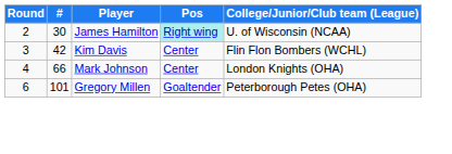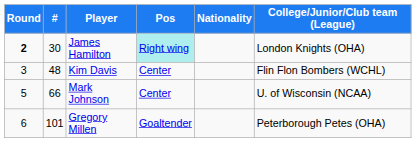 <table class="wikitable">
 <tr>
 <th style="color:white; background:#1D7CF2; ">Round</th>
 <th style="color:white; background:#1D7CF2; ">#</th>
 <th style="color:white; background:#1D7CF2; ">Player</th>
 <th style="color:white; background:#1D7CF2; ">Pos</th>
+<th style="color:white; background:#1D7CF2; ">Nationality</th>
 <th style="color:white; background:#1D7CF2; ">College/Junior/Club team (League)</th>
 </tr>
 <tr>
-<td align=center>2</td>
+<td align=center><strong>2</strong></td>
 <td align=center>30</td>
 <td><a href='#'>James Hamilton</a></td>
 <td style="background: paleturquoise;"><a href='#'>Right wing</a></td>
-<td>U. of Wisconsin (NCAA)</td>
+<td></td>
+<td>London Knights (OHA)</td>
 </tr>
 <tr>
 <td align=center>3</td>
-<td align=center>42</td>
+<td align=center>48</td>
 <td><a href='#'>Kim Davis</a></td>
 <td><a href='#'>Center</a></td>
+<td></td>
 <td>Flin Flon Bombers (WCHL)</td>
 </tr>
 <tr>
-<td align=center>4</td>
+<td align=center>5</td>
 <td align=center>66</td>
 <td><a href='#'>Mark Johnson</a></td>
 <td><a href='#'>Center</a></td>
-<td>London Knights (OHA)</td>
+<td></td>
+<td>U. of Wisconsin (NCAA)</td>
 </tr>
 <tr>
 <td align=center>6</td>
 <td align=center>101</td>
 <td><a href='#'>Gregory Millen</a></td>
 <td><a href='#'>Goaltender</a></td>
+<td></td>
 <td>Peterborough Petes (OHA)</td>
 </tr>
 </table>
